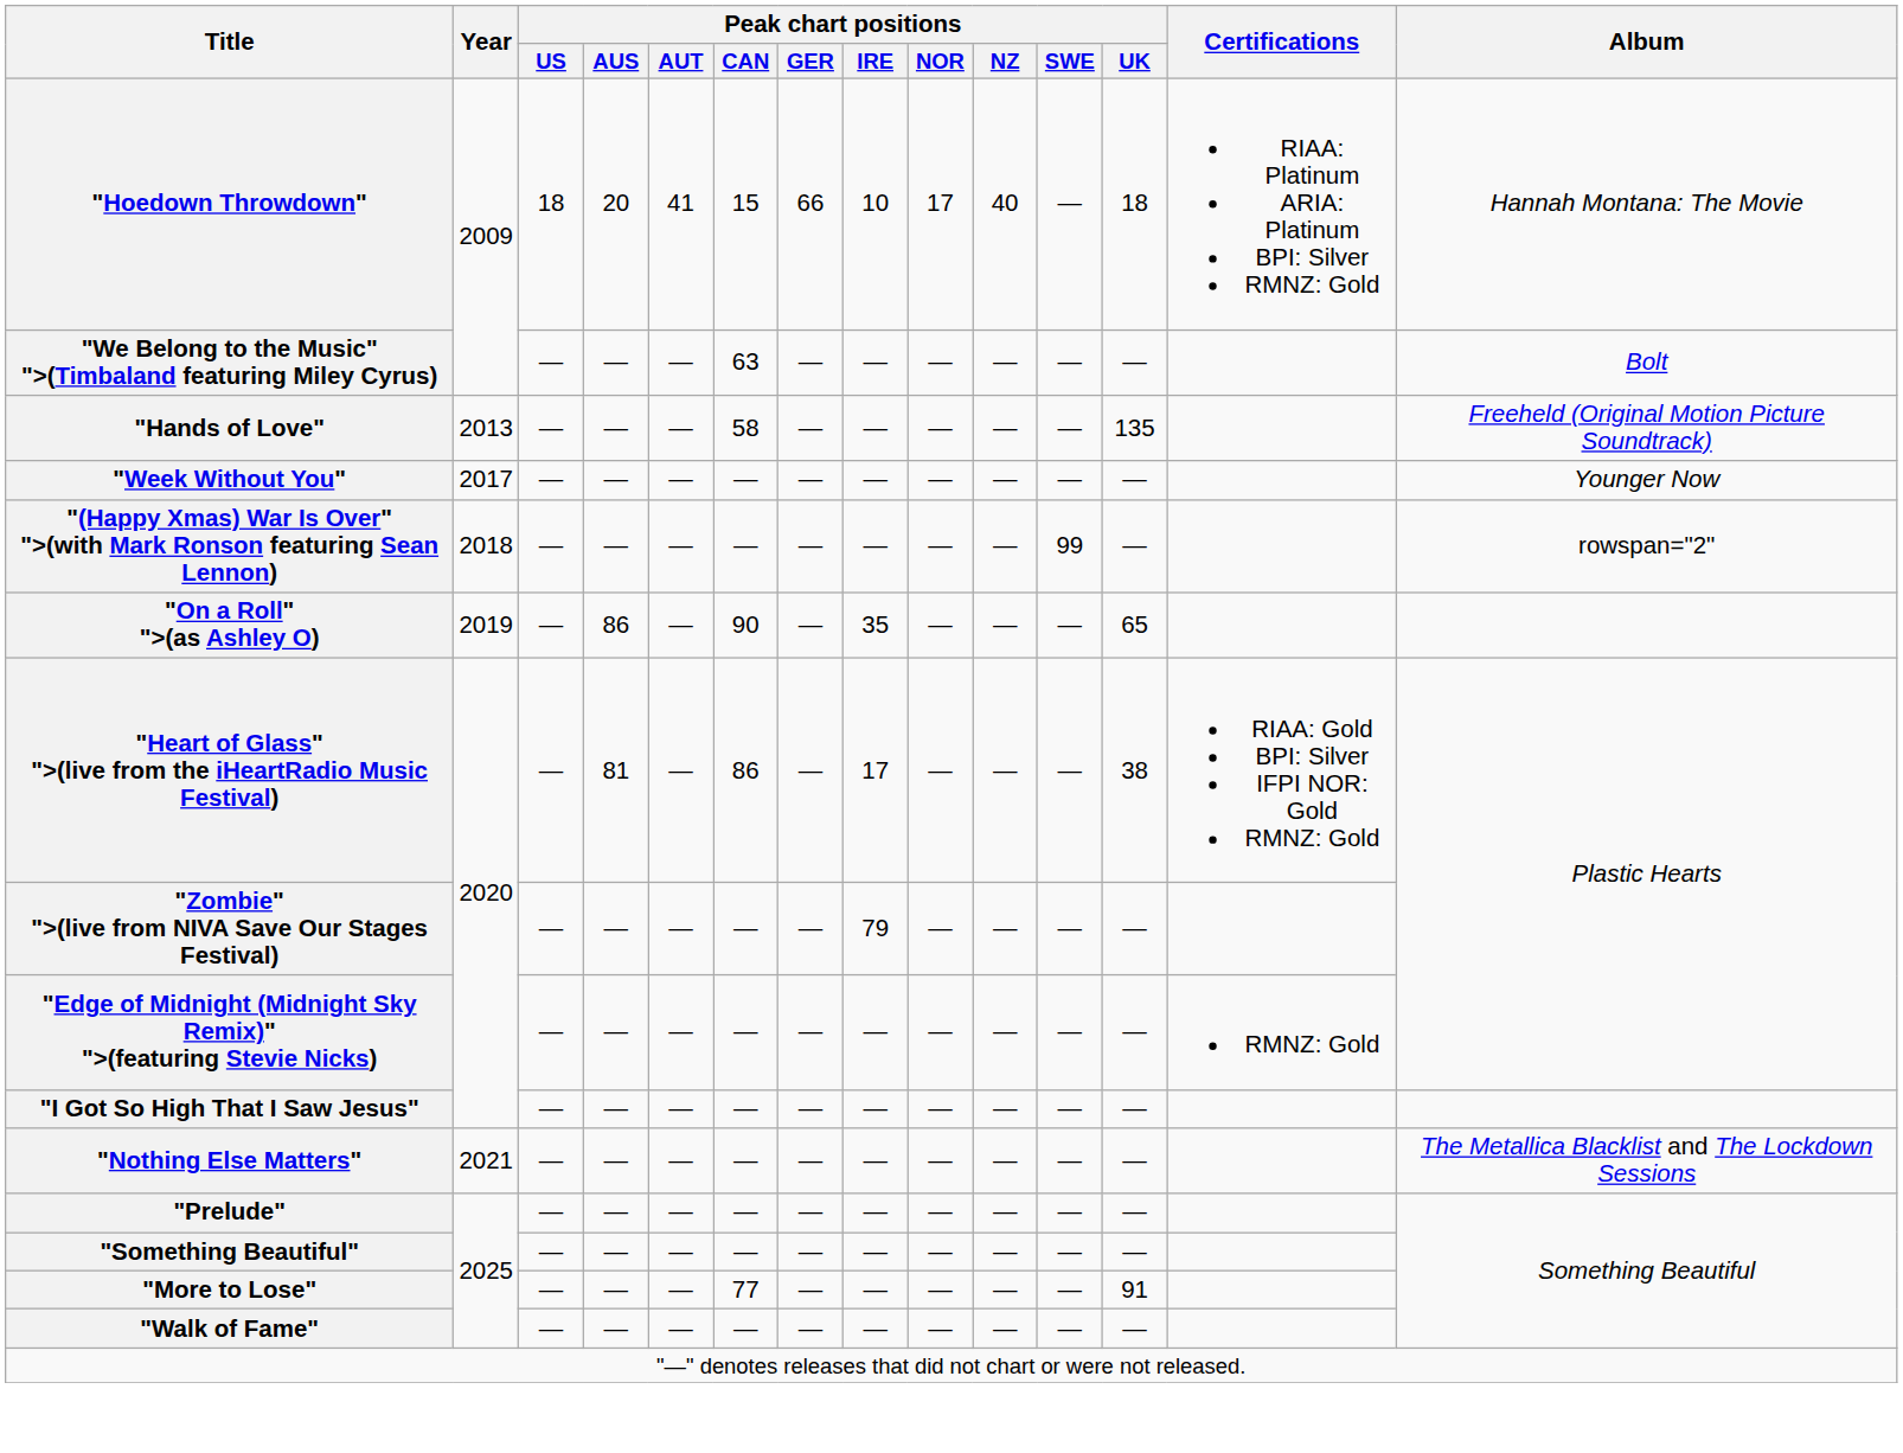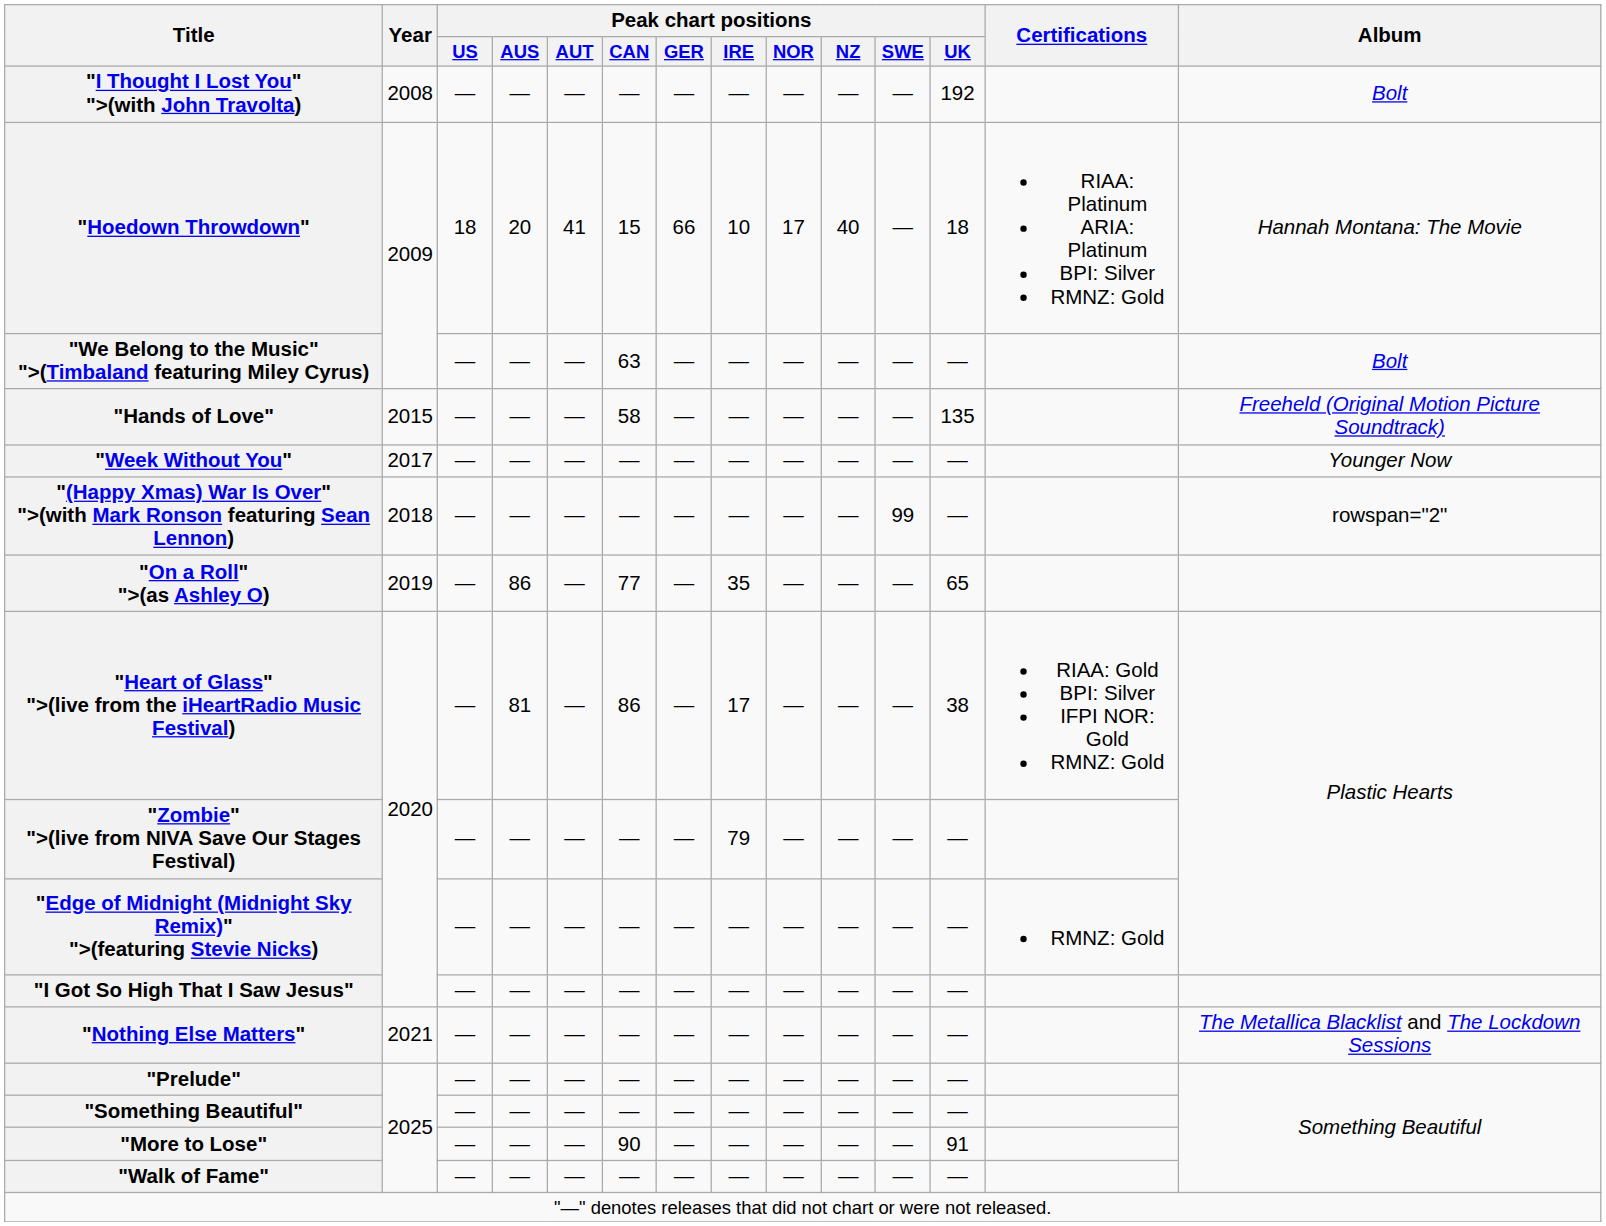 <table class="wikitable plainrowheaders" style="text-align:center;">
 <tr>
 <th scope="col" rowspan="2" style="width:18em;">Title</th>
 <th scope="col" rowspan="2">Year</th>
 <th scope="col" colspan="10">Peak chart positions</th>
 <th scope="col" rowspan="2"><a href='#'>Certifications</a></th>
 <th scope="col" rowspan="2">Album</th>
 </tr>
 <tr>
 <th scope="col" style="width:2.5em;font-size:90%;"><a href='#'>US</a><br></th>
 <th scope="col" style="width:2.5em;font-size:90%;"><a href='#'>AUS</a><br></th>
 <th scope="col" style="width:2.5em;font-size:90%;"><a href='#'>AUT</a><br></th>
 <th scope="col" style="width:2.5em;font-size:90%;"><a href='#'>CAN</a><br></th>
 <th scope="col" style="width:2.5em;font-size:90%;"><a href='#'>GER</a><br></th>
 <th scope="col" style="width:2.5em;font-size:90%;"><a href='#'>IRE</a><br></th>
 <th scope="col" style="width:2.5em;font-size:90%;"><a href='#'>NOR</a><br></th>
 <th scope="col" style="width:2.5em;font-size:90%;"><a href='#'>NZ</a><br></th>
 <th scope="col" style="width:2.5em;font-size:90%;"><a href='#'>SWE</a><br></th>
 <th scope="col" style="width:2.5em;font-size:90%;"><a href='#'>UK</a><br></th>
+</tr>
+<tr>
+<th scope="row">"<a href='#'>I Thought I Lost You</a>"<br><span>">(with <a href='#'>John Travolta</a>)</span></th>
+<td>2008</td>
+<td>—</td>
+<td>—</td>
+<td>—</td>
+<td>—</td>
+<td>—</td>
+<td>—</td>
+<td>—</td>
+<td>—</td>
+<td>—</td>
+<td>192</td>
+<td></td>
+<td><em><a href='#'>Bolt</a></em></td>
 </tr>
 <tr>
 <th scope="row">"<a href='#'>Hoedown Throwdown</a>"</th>
 <td rowspan="2">2009</td>
 <td>18</td>
 <td>20</td>
 <td>41</td>
 <td>15</td>
 <td>66</td>
 <td>10</td>
 <td>17</td>
 <td>40</td>
 <td>—</td>
 <td>18</td>
 <td><br><ul><li>RIAA: Platinum</li><li>ARIA: Platinum</li><li>BPI: Silver</li><li>RMNZ: Gold</li></ul></td>
 <td><em>Hannah Montana: The Movie</em></td>
 </tr>
 <tr>
 <th scope="row">"We Belong to the Music"<br><span>">(<a href='#'>Timbaland</a> featuring Miley Cyrus)</span></th>
 <td>—</td>
 <td>—</td>
 <td>—</td>
 <td>63</td>
 <td>—</td>
 <td>—</td>
 <td>—</td>
 <td>—</td>
 <td>—</td>
 <td>—</td>
 <td></td>
 <td><em><a href='#'>Bolt</a></em></td>
 </tr>
 <tr>
 <th scope="row">"Hands of Love"</th>
-<td>2013</td>
+<td>2015</td>
 <td>—</td>
 <td>—</td>
 <td>—</td>
 <td>58</td>
 <td>—</td>
 <td>—</td>
 <td>—</td>
 <td>—</td>
 <td>—</td>
 <td>135</td>
 <td></td>
 <td><em><a href='#'>Freeheld (Original Motion Picture Soundtrack)</a></em></td>
 </tr>
 <tr>
 <th scope="row">"<a href='#'>Week Without You</a>"</th>
 <td>2017</td>
 <td>—</td>
 <td>—</td>
 <td>—</td>
 <td>—</td>
 <td>—</td>
 <td>—</td>
 <td>—</td>
 <td>—</td>
 <td>—</td>
 <td>—</td>
 <td></td>
 <td><em>Younger Now</em></td>
 </tr>
 <tr>
 <th scope="row">"<a href='#'>(Happy Xmas) War Is Over</a>"<br><span>">(with <a href='#'>Mark Ronson</a> featuring <a href='#'>Sean Lennon</a>)</span></th>
 <td>2018</td>
 <td>—</td>
 <td>—</td>
 <td>—</td>
 <td>—</td>
 <td>—</td>
 <td>—</td>
 <td>—</td>
 <td>—</td>
 <td>99</td>
 <td>—</td>
 <td></td>
 <td>rowspan="2" </td>
 </tr>
 <tr>
 <th scope="row">"<a href='#'>On a Roll</a>"  <br><span>">(as <a href='#'>Ashley O</a>)</span></th>
 <td>2019</td>
 <td>—</td>
 <td>86</td>
 <td>—</td>
-<td>90</td>
+<td>77</td>
 <td>—</td>
 <td>35</td>
 <td>—</td>
 <td>—</td>
 <td>—</td>
 <td>65</td>
 <td></td>
 </tr>
 <tr>
 <th scope="row">"<a href='#'>Heart of Glass</a>"<br><span>">(live from the <a href='#'>iHeartRadio Music Festival</a>)</span></th>
 <td rowspan="4">2020</td>
 <td>—</td>
 <td>81</td>
 <td>—</td>
 <td>86</td>
 <td>—</td>
 <td>17</td>
 <td>—</td>
 <td>—</td>
 <td>—</td>
 <td>38</td>
 <td><br><ul><li>RIAA: Gold</li><li>BPI: Silver</li><li>IFPI NOR: Gold</li><li>RMNZ: Gold</li></ul></td>
 <td rowspan="3"><em>Plastic Hearts</em></td>
 </tr>
 <tr>
 <th scope="row">"<a href='#'>Zombie</a>"<br><span>">(live from NIVA Save Our Stages Festival)</span></th>
 <td>—</td>
 <td>—</td>
 <td>—</td>
 <td>—</td>
 <td>—</td>
 <td>79</td>
 <td>—</td>
 <td>—</td>
 <td>—</td>
 <td>—</td>
 <td></td>
 </tr>
 <tr>
 <th scope="row">"<a href='#'>Edge of Midnight (Midnight Sky Remix)</a>"<br><span>">(featuring <a href='#'>Stevie Nicks</a>)</span></th>
 <td>—</td>
 <td>—</td>
 <td>—</td>
 <td>—</td>
 <td>—</td>
 <td>—</td>
 <td>—</td>
 <td>—</td>
 <td>—</td>
 <td>—</td>
 <td><br><ul><li>RMNZ: Gold</li></ul></td>
 </tr>
 <tr>
 <th scope="row">"I Got So High That I Saw Jesus" <br></th>
 <td>—</td>
 <td>—</td>
 <td>—</td>
 <td>—</td>
 <td>—</td>
 <td>—</td>
 <td>—</td>
 <td>—</td>
 <td>—</td>
 <td>—</td>
 <td></td>
 <td></td>
 </tr>
 <tr>
 <th scope="row">"<a href='#'>Nothing Else Matters</a>"<br></th>
 <td>2021</td>
 <td>—</td>
 <td>—</td>
 <td>—</td>
 <td>—</td>
 <td>—</td>
 <td>—</td>
 <td>—</td>
 <td>—</td>
 <td>—</td>
 <td>—</td>
 <td></td>
 <td><em><a href='#'>The Metallica Blacklist</a></em> and <em><a href='#'>The Lockdown Sessions</a></em></td>
 </tr>
 <tr>
 <th scope="row">"Prelude"</th>
 <td rowspan="4">2025</td>
 <td>—</td>
 <td>—</td>
 <td>—</td>
 <td>—</td>
 <td>—</td>
 <td>—</td>
 <td>—</td>
 <td>—</td>
 <td>—</td>
 <td>—</td>
 <td></td>
 <td rowspan="4"><em>Something Beautiful</em></td>
 </tr>
 <tr>
 <th scope="row">"Something Beautiful"</th>
 <td>—</td>
 <td>—</td>
 <td>—</td>
 <td>—</td>
 <td>—</td>
 <td>—</td>
 <td>—</td>
 <td>—</td>
 <td>—</td>
 <td>—</td>
 <td></td>
 </tr>
 <tr>
 <th scope="row">"More to Lose"</th>
 <td>—</td>
 <td>—</td>
 <td>—</td>
-<td>77</td>
+<td>90</td>
 <td>—</td>
 <td>—</td>
 <td>—</td>
 <td>—</td>
 <td>—</td>
 <td>91</td>
 <td></td>
 </tr>
 <tr>
 <th scope="row">"Walk of Fame"<br></th>
 <td>—</td>
 <td>—</td>
 <td>—</td>
 <td>—</td>
 <td>—</td>
 <td>—</td>
 <td>—</td>
 <td>—</td>
 <td>—</td>
 <td>—</td>
 <td></td>
 </tr>
 <tr>
 <td colspan="14" style="font-size:90%;">"—" denotes releases that did not chart or were not released.</td>
 </tr>
 </table>
